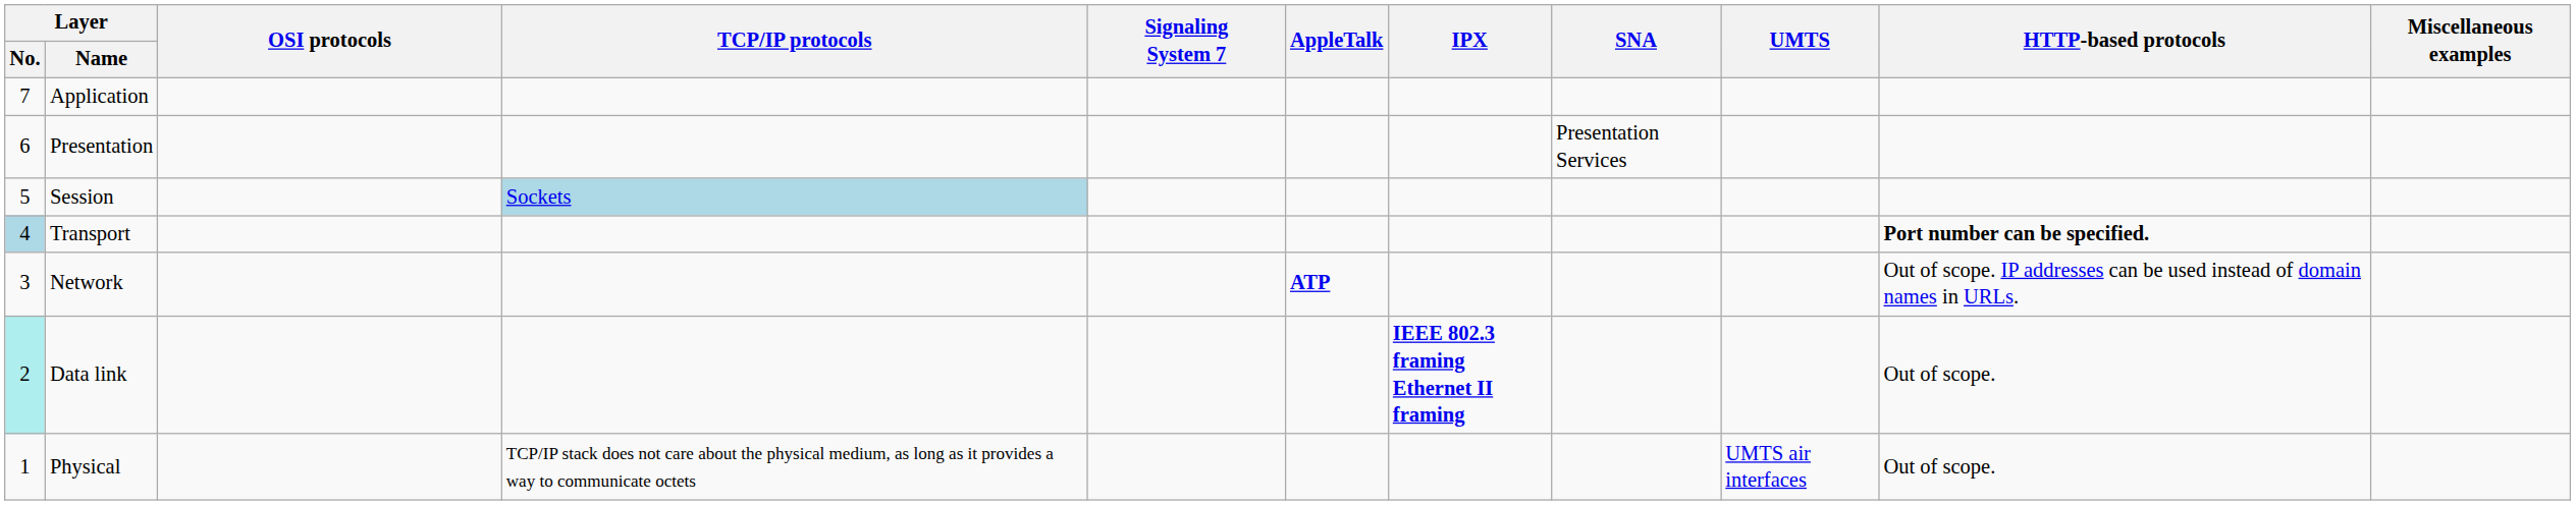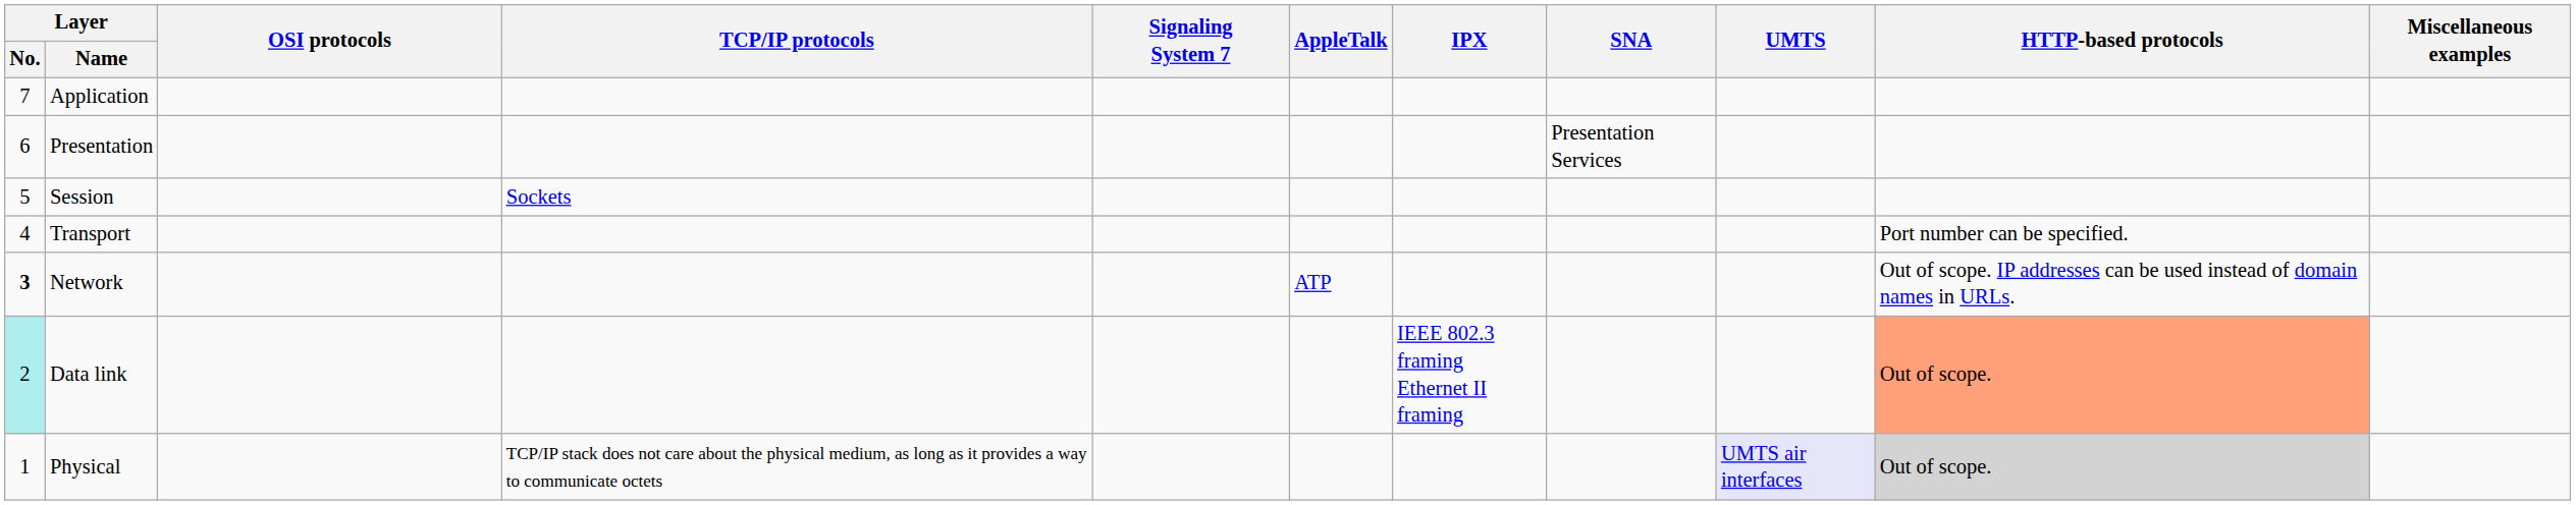 <table class="wikitable nowraplinks" style="line-height:1.3em;">
 <tr>
 <th colspan="2">Layer</th>
 <th rowspan="2" style="width:16.0em;"><a href='#'>OSI</a> protocols</th>
 <th rowspan="2"><a href='#'>TCP/IP protocols</a></th>
 <th rowspan="2" style="width:9.0em;"><a href='#'>Signaling<br>System 7</a></th>
 <th rowspan="2"><a href='#'>AppleTalk</a></th>
 <th rowspan="2"><a href='#'>IPX</a></th>
 <th rowspan="2"><a href='#'>SNA</a></th>
 <th rowspan="2"><a href='#'>UMTS</a></th>
 <th rowspan="2"><a href='#'>HTTP</a>-based protocols</th>
 <th rowspan="2">Miscellaneous examples</th>
 </tr>
 <tr>
 <th>No.</th>
 <th>Name</th>
 </tr>
 <tr>
 <td style="text-align:center;">7</td>
 <td>Application</td>
 <td></td>
 <td></td>
 <td></td>
 <td></td>
 <td></td>
 <td></td>
 <td></td>
 <td></td>
 <td></td>
 </tr>
 <tr>
 <td style="text-align:center;">6</td>
 <td>Presentation</td>
 <td></td>
 <td></td>
 <td></td>
 <td></td>
 <td></td>
 <td>Presentation Services</td>
 <td></td>
 <td></td>
 <td></td>
 </tr>
 <tr>
 <td style="text-align:center;">5</td>
 <td>Session</td>
 <td></td>
-<td style="background: lightblue;"><a href='#'>Sockets</a> </td>
+<td><a href='#'>Sockets</a> </td>
 <td></td>
 <td></td>
 <td></td>
 <td></td>
 <td></td>
 <td></td>
 <td></td>
 </tr>
 <tr>
-<td style="background: lightblue; text-align:center;">4</td>
+<td style="text-align:center;">4</td>
 <td>Transport</td>
 <td></td>
 <td></td>
 <td></td>
 <td></td>
 <td></td>
 <td></td>
 <td></td>
-<td><strong> Port number can be specified.</strong></td>
+<td> Port number can be specified.</td>
 <td></td>
 </tr>
 <tr>
-<td style="text-align:center;">3</td>
+<td style="text-align:center;"><strong>3</strong></td>
 <td>Network</td>
 <td></td>
 <td></td>
 <td></td>
-<td><strong><a href='#'>ATP</a> </strong></td>
+<td><a href='#'>ATP</a> </td>
 <td></td>
 <td></td>
 <td></td>
 <td>Out of scope. <a href='#'>IP addresses</a> can be used instead of <a href='#'>domain names</a> in <a href='#'>URLs</a>.</td>
 <td></td>
 </tr>
 <tr>
 <td style="background: paleturquoise; text-align:center;">2</td>
 <td>Data link</td>
 <td></td>
 <td></td>
 <td></td>
 <td></td>
-<td><strong><a href='#'>IEEE 802.3 framing</a><br><a href='#'>Ethernet II framing</a></strong></td>
+<td><a href='#'>IEEE 802.3 framing</a><br><a href='#'>Ethernet II framing</a></td>
 <td></td>
 <td></td>
-<td>Out of scope.</td>
+<td style="background: lightsalmon;">Out of scope.</td>
 <td></td>
 </tr>
 <tr>
 <td style="text-align:center;">1</td>
 <td>Physical</td>
 <td></td>
 <td><small>TCP/IP stack does not care about the physical medium, as long as it provides a way to communicate octets</small></td>
 <td></td>
 <td></td>
 <td></td>
 <td></td>
-<td><a href='#'>UMTS air interfaces</a></td>
-<td>Out of scope.</td>
+<td style="background: lavender;"><a href='#'>UMTS air interfaces</a></td>
+<td style="background: lightgrey;">Out of scope.</td>
 <td></td>
 </tr>
 </table>
